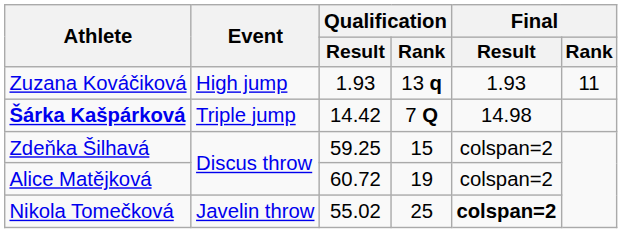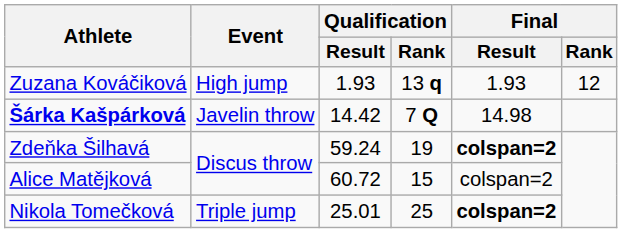 <table class=wikitable style=font-size:90%;text-align:center>
 <tr>
 <th rowspan=2>Athlete</th>
 <th rowspan=2>Event</th>
 <th colspan=2>Qualification</th>
 <th colspan=2>Final</th>
 </tr>
 <tr style=font-size:95%>
 <th>Result</th>
 <th>Rank</th>
 <th>Result</th>
 <th>Rank</th>
 </tr>
 <tr>
 <td align=left><a href='#'>Zuzana Kováčiková</a></td>
 <td align=left><a href='#'>High jump</a></td>
 <td>1.93</td>
 <td>13 <strong>q</strong></td>
 <td>1.93</td>
-<td>11</td>
+<td>12</td>
 </tr>
 <tr>
 <td align=left><strong><a href='#'>Šárka Kašpárková</a></strong></td>
-<td align=left><a href='#'>Triple jump</a></td>
+<td align=left><a href='#'>Javelin throw</a></td>
 <td>14.42</td>
 <td>7 <strong>Q</strong></td>
 <td>14.98</td>
 <td></td>
 </tr>
 <tr>
 <td align=left><a href='#'>Zdeňka Šilhavá</a></td>
 <td align=left rowspan=2><a href='#'>Discus throw</a></td>
-<td>59.25</td>
+<td>59.24</td>
+<td>19</td>
+<td><strong>colspan=2 </strong></td>
+</tr>
+<tr>
+<td align=left><a href='#'>Alice Matějková</a></td>
+<td>60.72</td>
 <td>15</td>
 <td>colspan=2 </td>
 </tr>
 <tr>
-<td align=left><a href='#'>Alice Matějková</a></td>
-<td>60.72</td>
-<td>19</td>
-<td>colspan=2 </td>
-</tr>
-<tr>
 <td align=left><a href='#'>Nikola Tomečková</a></td>
-<td align=left><a href='#'>Javelin throw</a></td>
-<td>55.02</td>
+<td align=left><a href='#'>Triple jump</a></td>
+<td>25.01</td>
 <td>25</td>
 <td><strong>colspan=2 </strong></td>
 </tr>
 </table>
